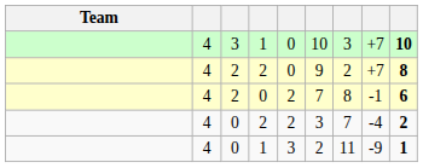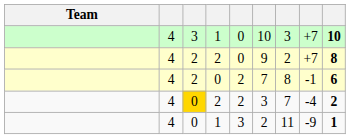 <table class="wikitable" style="text-align:center;">
 <tr>
 <th width="175">Team</th>
 <th width="20"></th>
 <th width="20"></th>
 <th width="20"></th>
 <th width="20"></th>
 <th width="20"></th>
 <th width="20"></th>
 <th width="20"></th>
 <th width="20"></th>
 </tr>
 <tr bgcolor="#ccffcc">
 <td align=left></td>
 <td>4</td>
 <td>3</td>
 <td>1</td>
 <td>0</td>
 <td>10</td>
 <td>3</td>
 <td>+7</td>
 <td><strong>10</strong></td>
 </tr>
 <tr bgcolor="#ffffcc">
 <td align=left></td>
 <td>4</td>
 <td>2</td>
 <td>2</td>
 <td>0</td>
 <td>9</td>
 <td>2</td>
 <td>+7</td>
 <td><strong>8</strong></td>
 </tr>
 <tr bgcolor="#ffffcc">
 <td align=left></td>
 <td>4</td>
 <td>2</td>
 <td>0</td>
 <td>2</td>
 <td>7</td>
 <td>8</td>
 <td>-1</td>
 <td><strong>6</strong></td>
 </tr>
 <tr>
 <td align=left></td>
 <td>4</td>
-<td>0</td>
+<td style="background: gold;">0</td>
 <td>2</td>
 <td>2</td>
 <td>3</td>
 <td>7</td>
 <td>-4</td>
 <td><strong>2</strong></td>
 </tr>
 <tr>
 <td align=left></td>
 <td>4</td>
 <td>0</td>
 <td>1</td>
 <td>3</td>
 <td>2</td>
 <td>11</td>
 <td>-9</td>
 <td><strong>1</strong></td>
 </tr>
 </table>
